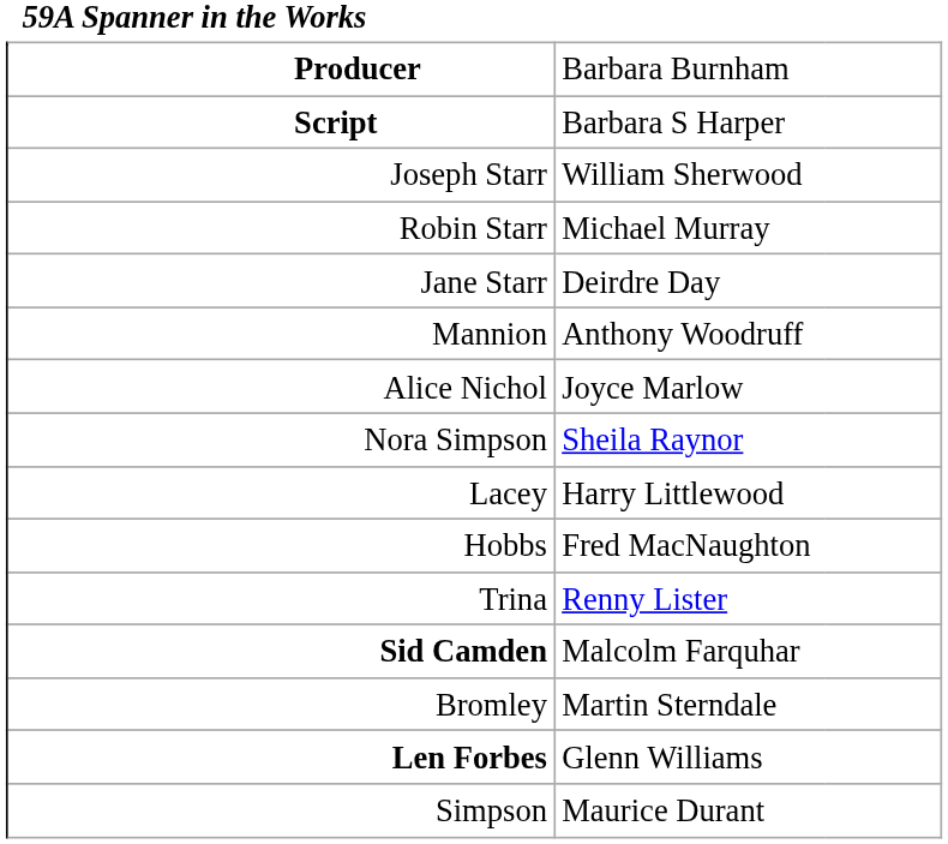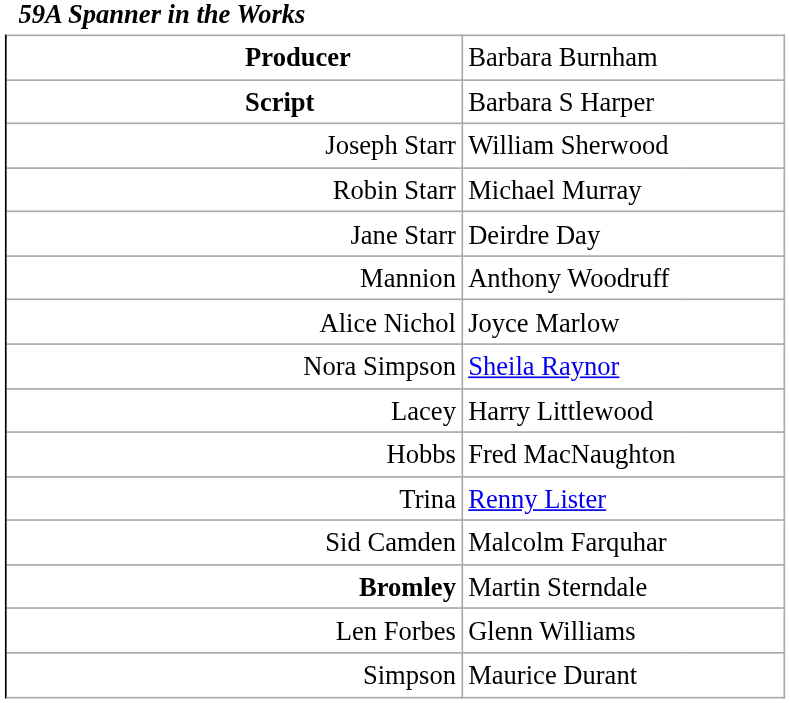 <table class="wikitable mw-collapsible mw-collapsed" style="vertical-align:top;margin:auto 2em;line-height:1.2;min-width:33em;display: inline-table;background-color:inherit;border:none;">
 <tr>
 <td class=unsortable style="border:hidden;line-height:1.67;text-align:center;margin-left:-1em;padding-left:0.5em;min-width:1.0em;"></td>
 <td class=unsortable style="border:none;padding-left:0.5em;text-align:left;min-width:16.5em;font-weight:700;font-style:italic;">59A Spanner in the Works</td>
 <td class=unsortable style="border:none;text-align:right;font-weight:normal;font-family:Courier;font-size:95%;letter-spacing:-1pt;min-width:8.5em;padding-right:0.2em;"></td>
 <td class=unsortable style="border:hidden;min-width:3.5em;padding-left:0;"></td>
 <td class=unsortable style="border:hidden;min-width:3.5em;font-size:95%;"></td>
 </tr>
 <tr>
 <td rowspan=100 style="border:none thin;border-right-style :solid;"></td>
 </tr>
 <tr>
 <td style="text-align:left;padding-left:9.0em;font-weight:bold;">Producer</td>
 <td colspan=2>Barbara Burnham</td>
 </tr>
 <tr>
 <td style="text-align:left;padding-left:9.0em;font-weight:bold;">Script</td>
 <td colspan=2>Barbara S Harper</td>
 </tr>
 <tr>
 <td style="text-align:right;">Joseph Starr</td>
 <td colspan=2>William Sherwood</td>
 </tr>
 <tr>
 <td style="text-align:right;">Robin Starr</td>
 <td colspan=2>Michael Murray</td>
 </tr>
 <tr>
 <td style="text-align:right;">Jane Starr</td>
 <td colspan=2>Deirdre Day</td>
 </tr>
 <tr>
 <td style="text-align:right;">Mannion</td>
 <td colspan=2>Anthony Woodruff</td>
 </tr>
 <tr>
 <td style="text-align:right;">Alice Nichol</td>
 <td colspan=2>Joyce Marlow</td>
 </tr>
 <tr>
 <td style="text-align:right;">Nora Simpson</td>
 <td colspan=2><a href='#'>Sheila Raynor</a></td>
 </tr>
 <tr>
 <td style="text-align:right;">Lacey</td>
 <td colspan=2>Harry Littlewood</td>
 </tr>
 <tr>
 <td style="text-align:right;">Hobbs</td>
 <td colspan=2>Fred MacNaughton</td>
 </tr>
 <tr>
 <td style="text-align:right;">Trina</td>
 <td colspan=2><a href='#'>Renny Lister</a></td>
 </tr>
 <tr>
-<td style="text-align:right;"><strong>Sid Camden</strong></td>
+<td style="text-align:right;">Sid Camden</td>
 <td colspan=2>Malcolm Farquhar</td>
 </tr>
 <tr>
-<td style="text-align:right;">Bromley</td>
+<td style="text-align:right;"><strong>Bromley</strong></td>
 <td colspan=2>Martin Sterndale</td>
 </tr>
 <tr>
-<td style="text-align:right;"><strong>Len Forbes</strong></td>
+<td style="text-align:right;">Len Forbes</td>
 <td colspan=2>Glenn Williams</td>
 </tr>
 <tr>
 <td style="text-align:right;">Simpson</td>
 <td colspan=2>Maurice Durant</td>
 </tr>
 </table>
